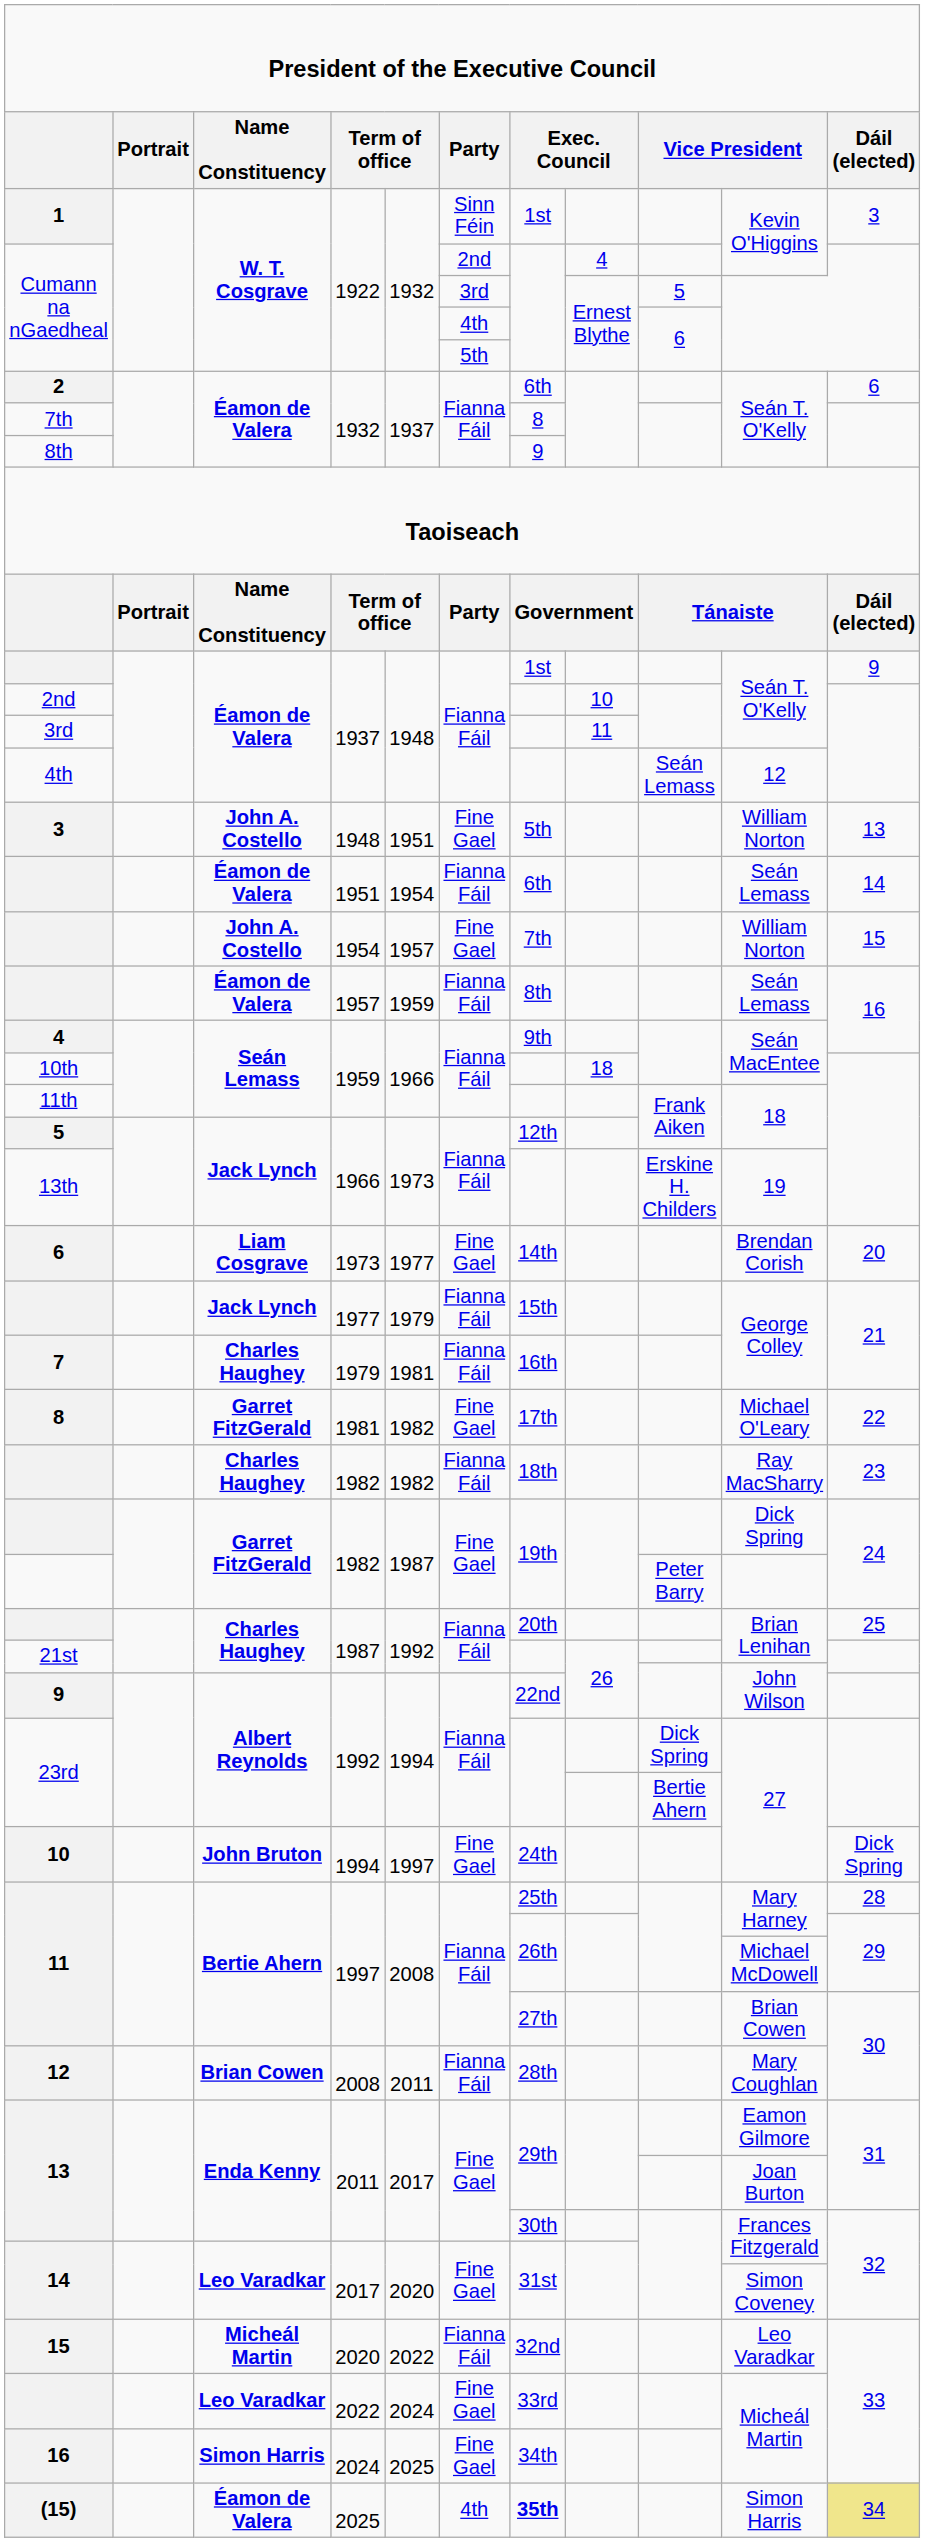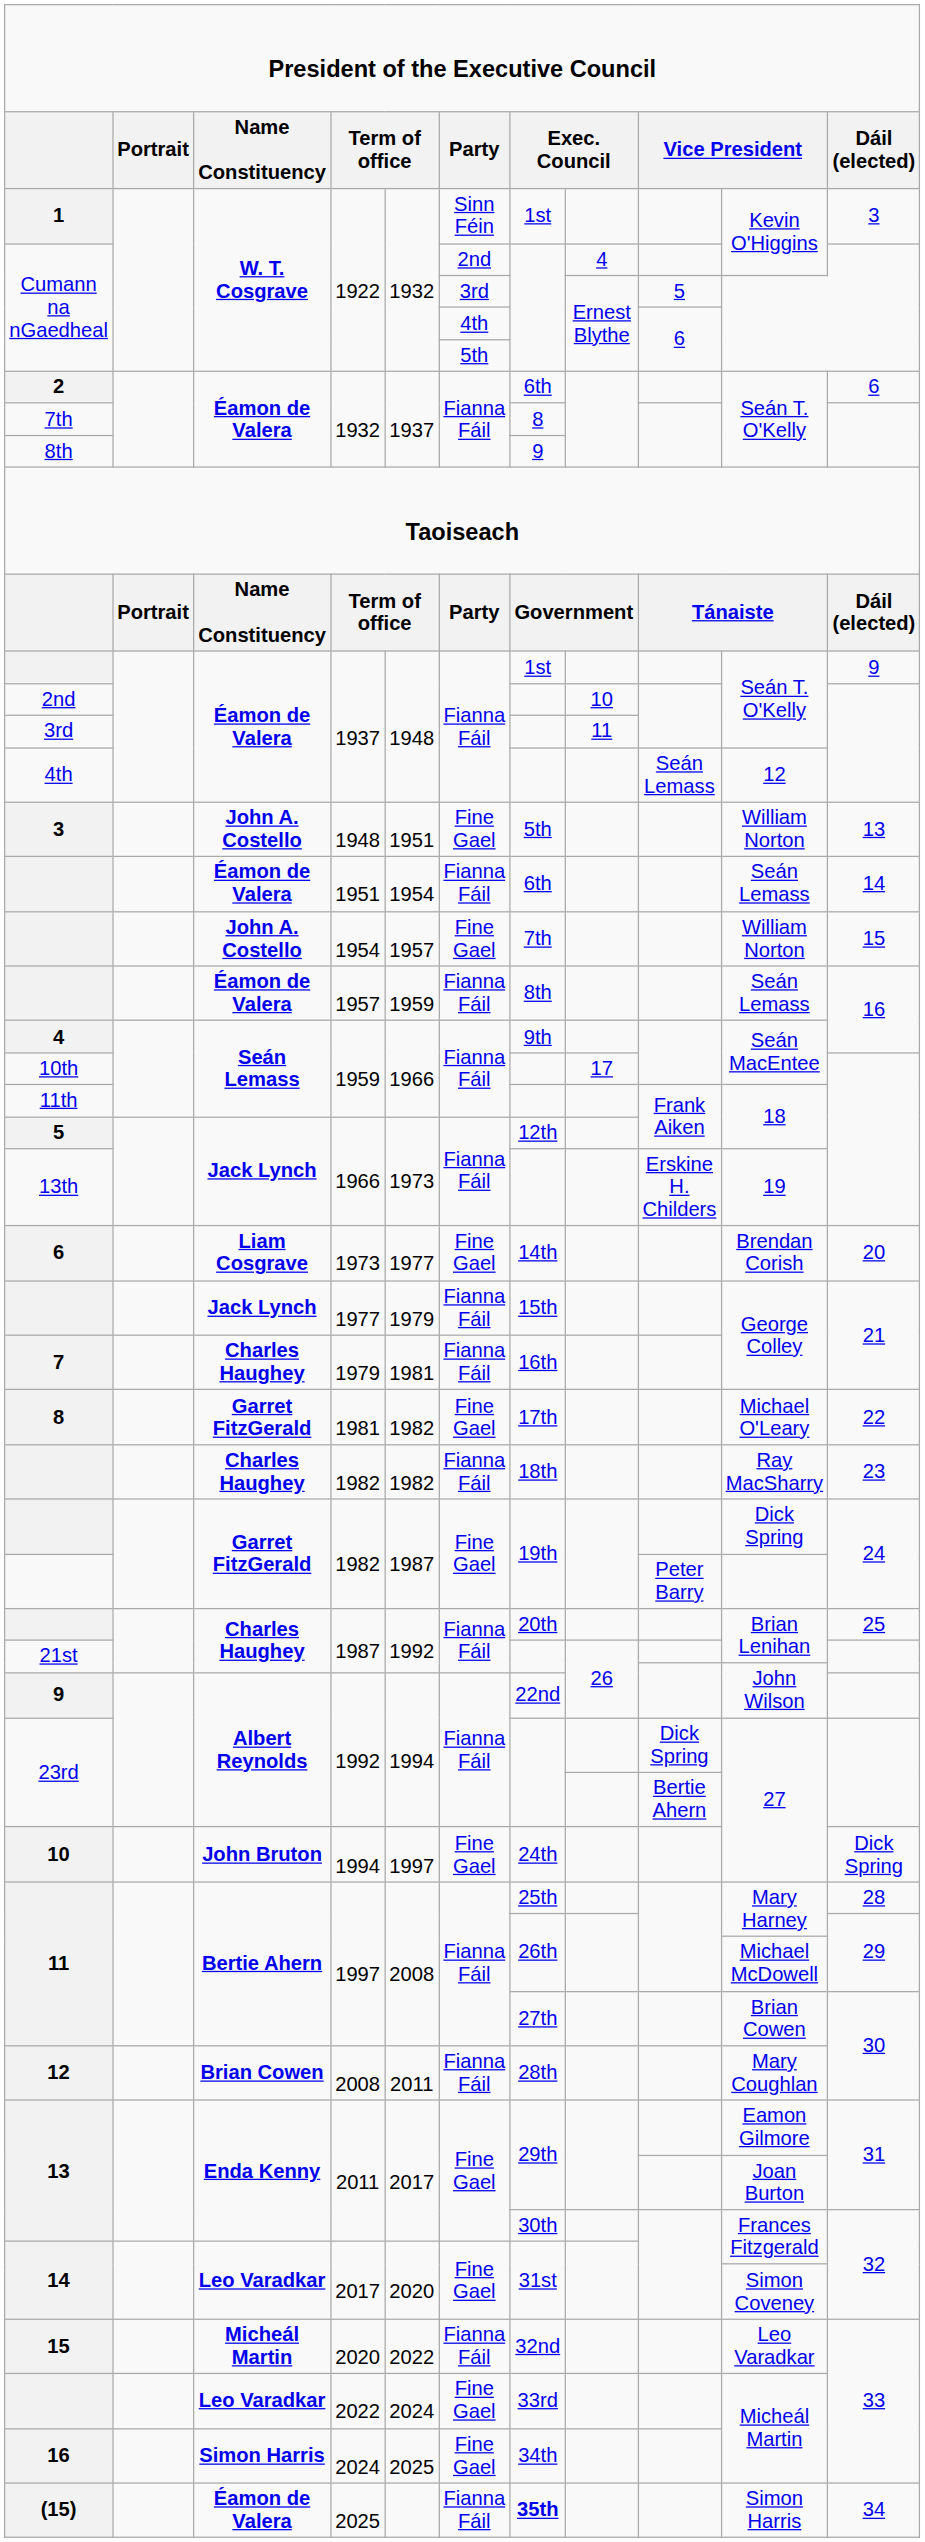 <table class="wikitable" style="text-align:center">
 <tr>
 <td colspan=11><br><h3>President of the Executive Council</h3></td>
 </tr>
 <tr>
 <th></th>
 <th>Portrait</th>
 <th width=20%>Name<br><br>Constituency</th>
 <th colspan=2 width=15%>Term of office</th>
 <th>Party</th>
 <th colspan=2 width=20%>Exec. Council<br></th>
 <th colspan=2 width=15%><a href='#'>Vice President</a></th>
 <th>Dáil<br>(elected)</th>
 </tr>
 <tr>
 <th style="background:">1</th>
 <td rowspan=5></td>
 <td rowspan=5><strong><a href='#'>W. T. Cosgrave</a></strong><br></td>
 <td rowspan=5><br>1922</td>
 <td rowspan=5><br>1932</td>
 <td><a href='#'>Sinn Féin<br></a></td>
 <td><a href='#'>1st</a></td>
 <td></td>
 <td style="background-color: "></td>
 <td rowspan=2><a href='#'>Kevin O'Higgins</a></td>
 <td><a href='#'>3</a> </td>
 </tr>
 <tr>
 <td rowspan=4><a href='#'>Cumann na nGaedheal</a></td>
 <td><a href='#'>2nd</a></td>
 <td rowspan=4></td>
 <td><a href='#'>4</a> </td>
 </tr>
 <tr>
 <td><a href='#'>3rd</a></td>
 <td rowspan=3><a href='#'>Ernest Blythe</a></td>
 <td><a href='#'>5</a> </td>
 </tr>
 <tr>
 <td><a href='#'>4th</a></td>
 <td rowspan=2><a href='#'>6</a> </td>
 </tr>
 <tr>
 <td><a href='#'>5th</a></td>
 </tr>
 <tr>
 <th style="background:">2</th>
 <td rowspan=3></td>
 <td rowspan=3><strong><a href='#'>Éamon de Valera</a></strong><br></td>
 <td rowspan=3><br>1932</td>
 <td rowspan=3><br>1937</td>
 <td rowspan=3><a href='#'>Fianna Fáil</a></td>
 <td><a href='#'>6th</a></td>
 <td rowspan=3></td>
 <td style="background-color: "></td>
 <td rowspan=3><a href='#'>Seán T. O'Kelly</a></td>
 <td><a href='#'>6</a> </td>
 </tr>
 <tr>
 <td><a href='#'>7th</a></td>
 <td><a href='#'>8</a> </td>
 </tr>
 <tr>
 <td><a href='#'>8th</a></td>
 <td><a href='#'>9</a> </td>
 </tr>
 <tr>
 <td colspan=11><br><h3>Taoiseach</h3></td>
 </tr>
 <tr>
 <th></th>
 <th>Portrait</th>
 <th width=20%>Name<br><br>Constituency</th>
 <th colspan=2 width=15%>Term of office</th>
 <th>Party</th>
 <th colspan=2 width=20%>Government<br></th>
 <th colspan=2 width=15%><a href='#'>Tánaiste</a></th>
 <th>Dáil<br>(elected)</th>
 </tr>
 <tr>
 <th style="background:"></th>
 <td rowspan=4></td>
 <td rowspan=4><strong><a href='#'>Éamon de Valera</a></strong><br></td>
 <td rowspan=4><br>1937</td>
 <td rowspan=4><br>1948</td>
 <td rowspan=4><a href='#'>Fianna Fáil</a></td>
 <td><a href='#'>1st</a></td>
 <td></td>
 <td style="background-color: "></td>
 <td rowspan=3><a href='#'>Seán T. O'Kelly</a></td>
 <td><a href='#'>9</a> </td>
 </tr>
 <tr>
 <td><a href='#'>2nd</a></td>
 <td></td>
 <td><a href='#'>10</a> </td>
 </tr>
 <tr>
 <td><a href='#'>3rd</a></td>
 <td></td>
 <td><a href='#'>11</a> </td>
 </tr>
 <tr>
 <td><a href='#'>4th</a></td>
 <td></td>
 <td style="background-color: "></td>
 <td><a href='#'>Seán Lemass</a></td>
 <td><a href='#'>12</a> </td>
 </tr>
 <tr>
 <th style="background:">3</th>
 <td></td>
 <td><strong><a href='#'>John A. Costello</a></strong><br></td>
 <td><br>1948</td>
 <td><br>1951</td>
 <td><a href='#'>Fine Gael</a></td>
 <td><a href='#'>5th</a></td>
 <td></td>
 <td style="background-color: "></td>
 <td><a href='#'>William Norton</a></td>
 <td><a href='#'>13</a> </td>
 </tr>
 <tr>
 <th style="background:"></th>
 <td></td>
 <td><strong><a href='#'>Éamon de Valera</a></strong><br></td>
 <td><br>1951</td>
 <td><br>1954</td>
 <td><a href='#'>Fianna Fáil</a></td>
 <td><a href='#'>6th</a></td>
 <td></td>
 <td style="background-color: "></td>
 <td><a href='#'>Seán Lemass</a></td>
 <td><a href='#'>14</a> </td>
 </tr>
 <tr>
 <th style="background:"></th>
 <td></td>
 <td><strong><a href='#'>John A. Costello</a></strong><br></td>
 <td><br>1954</td>
 <td><br>1957</td>
 <td><a href='#'>Fine Gael</a></td>
 <td><a href='#'>7th</a></td>
 <td></td>
 <td style="background-color: "></td>
 <td><a href='#'>William Norton</a></td>
 <td><a href='#'>15</a> </td>
 </tr>
 <tr>
 <th style="background:"></th>
 <td></td>
 <td><strong><a href='#'>Éamon de Valera</a></strong><br></td>
 <td><br>1957</td>
 <td><br>1959</td>
 <td><a href='#'>Fianna Fáil</a></td>
 <td><a href='#'>8th</a></td>
 <td></td>
 <td style="background-color: "></td>
 <td><a href='#'>Seán Lemass</a></td>
 <td rowspan=2><a href='#'>16</a> </td>
 </tr>
 <tr>
 <th style="background:">4</th>
 <td rowspan=3></td>
 <td rowspan=3><strong><a href='#'>Seán Lemass</a></strong><br></td>
 <td rowspan=3><br>1959</td>
 <td rowspan=3><br>1966</td>
 <td rowspan=3><a href='#'>Fianna Fáil</a></td>
 <td><a href='#'>9th</a></td>
 <td></td>
 <td rowspan=2 style="background-color: "></td>
 <td rowspan=2><a href='#'>Seán MacEntee</a></td>
 </tr>
 <tr>
 <td><a href='#'>10th</a></td>
 <td></td>
-<td><a href='#'>18</a> </td>
+<td><a href='#'>17</a> </td>
 </tr>
 <tr>
 <td><a href='#'>11th</a></td>
 <td></td>
 <td style="background-color: "></td>
 <td rowspan=2><a href='#'>Frank Aiken</a></td>
 <td rowspan=2><a href='#'>18</a> </td>
 </tr>
 <tr>
 <th style="background:">5</th>
 <td rowspan=2></td>
 <td rowspan=2><strong><a href='#'>Jack Lynch</a></strong><br></td>
 <td rowspan=2><br>1966</td>
 <td rowspan=2><br>1973</td>
 <td rowspan=2><a href='#'>Fianna Fáil</a></td>
 <td><a href='#'>12th</a></td>
 <td></td>
 </tr>
 <tr>
 <td><a href='#'>13th</a></td>
 <td></td>
 <td style="background-color: "></td>
 <td><a href='#'>Erskine H. Childers</a></td>
 <td><a href='#'>19</a> </td>
 </tr>
 <tr>
 <th style="background:">6</th>
 <td></td>
 <td><strong><a href='#'>Liam Cosgrave</a></strong><br></td>
 <td><br>1973</td>
 <td><br>1977</td>
 <td><a href='#'>Fine Gael</a></td>
 <td><a href='#'>14th</a></td>
 <td></td>
 <td style="background-color: "></td>
 <td><a href='#'>Brendan Corish</a></td>
 <td><a href='#'>20</a> </td>
 </tr>
 <tr>
 <th style="background:"></th>
 <td></td>
 <td><strong><a href='#'>Jack Lynch</a></strong><br></td>
 <td><br>1977</td>
 <td><br>1979</td>
 <td><a href='#'>Fianna Fáil</a></td>
 <td><a href='#'>15th</a></td>
 <td></td>
 <td style="background-color: "></td>
 <td rowspan=2><a href='#'>George Colley</a></td>
 <td rowspan=2><a href='#'>21</a> </td>
 </tr>
 <tr>
 <th style="background:">7</th>
 <td></td>
 <td><strong><a href='#'>Charles Haughey</a></strong><br></td>
 <td><br>1979</td>
 <td><br>1981</td>
 <td><a href='#'>Fianna Fáil</a></td>
 <td><a href='#'>16th</a></td>
 <td></td>
 </tr>
 <tr>
 <th style="background:">8</th>
 <td></td>
 <td><strong><a href='#'>Garret FitzGerald</a></strong><br></td>
 <td><br>1981</td>
 <td><br>1982</td>
 <td><a href='#'>Fine Gael</a></td>
 <td><a href='#'>17th</a></td>
 <td></td>
 <td style="background-color: "></td>
 <td><a href='#'>Michael O'Leary</a></td>
 <td><a href='#'>22</a> </td>
 </tr>
 <tr>
 <th style="background:"></th>
 <td></td>
 <td><strong><a href='#'>Charles Haughey</a></strong><br></td>
 <td><br>1982</td>
 <td><br>1982</td>
 <td><a href='#'>Fianna Fáil</a></td>
 <td><a href='#'>18th</a></td>
 <td></td>
 <td style="background-color: "></td>
 <td><a href='#'>Ray MacSharry</a></td>
 <td><a href='#'>23</a> </td>
 </tr>
 <tr>
 <th style="background:"></th>
 <td rowspan=2></td>
 <td rowspan=2><strong><a href='#'>Garret FitzGerald</a></strong><br></td>
 <td rowspan=2><br>1982</td>
 <td rowspan=2><br>1987</td>
 <td rowspan=2><a href='#'>Fine Gael</a></td>
 <td rowspan=2><a href='#'>19th</a></td>
 <td rowspan=2></td>
 <td style="background-color: "></td>
 <td><a href='#'>Dick Spring</a></td>
 <td rowspan=2><a href='#'>24</a> </td>
 </tr>
 <tr>
 <td style="background-color: "></td>
 <td><a href='#'>Peter Barry</a></td>
 </tr>
 <tr>
 <th style="background:"></th>
 <td rowspan=3></td>
 <td rowspan=3><strong><a href='#'>Charles Haughey</a></strong><br></td>
 <td rowspan=3><br>1987</td>
 <td rowspan=3><br>1992</td>
 <td rowspan=3><a href='#'>Fianna Fáil</a></td>
 <td><a href='#'>20th</a></td>
 <td></td>
 <td style="background-color: "></td>
 <td rowspan=2><a href='#'>Brian Lenihan</a></td>
 <td><a href='#'>25</a> </td>
 </tr>
 <tr>
 <td rowspan=2><a href='#'>21st</a></td>
 <td rowspan=2></td>
 <td rowspan=3><a href='#'>26</a> </td>
 </tr>
 <tr>
 <td rowspan=2 style="background-color: "></td>
 <td rowspan=2><a href='#'>John Wilson</a></td>
 </tr>
 <tr>
 <th style="background:">9</th>
 <td rowspan=3></td>
 <td rowspan=3><strong><a href='#'>Albert Reynolds</a></strong><br></td>
 <td rowspan=3><br>1992</td>
 <td rowspan=3><br>1994</td>
 <td rowspan=3><a href='#'>Fianna Fáil</a></td>
 <td><a href='#'>22nd</a></td>
 <td></td>
 </tr>
 <tr>
 <td rowspan=2><a href='#'>23rd</a></td>
 <td rowspan=2></td>
 <td style="background-color: "></td>
 <td><a href='#'>Dick Spring</a></td>
 <td rowspan=3><a href='#'>27</a> </td>
 </tr>
 <tr>
 <td style="background-color: "></td>
 <td><a href='#'>Bertie Ahern</a></td>
 </tr>
 <tr>
 <th style="background:">10</th>
 <td></td>
 <td><strong><a href='#'>John Bruton</a></strong><br></td>
 <td><br>1994</td>
 <td><br>1997</td>
 <td><a href='#'>Fine Gael</a></td>
 <td><a href='#'>24th</a></td>
 <td></td>
 <td style="background-color: "></td>
 <td><a href='#'>Dick Spring</a></td>
 </tr>
 <tr>
 <th rowspan=4 style="background:">11</th>
 <td rowspan=4></td>
 <td rowspan=4><strong><a href='#'>Bertie Ahern</a></strong><br></td>
 <td rowspan=4><br>1997</td>
 <td rowspan=4><br>2008</td>
 <td rowspan=4><a href='#'>Fianna Fáil</a></td>
 <td><a href='#'>25th</a></td>
 <td></td>
 <td rowspan=3 style="background-color: "></td>
 <td rowspan=2><a href='#'>Mary Harney</a></td>
 <td><a href='#'>28</a> </td>
 </tr>
 <tr>
 <td rowspan=2><a href='#'>26th</a></td>
 <td rowspan=2></td>
 <td rowspan=2><a href='#'>29</a> </td>
 </tr>
 <tr>
 <td><a href='#'>Michael McDowell</a></td>
 </tr>
 <tr>
 <td><a href='#'>27th</a></td>
 <td></td>
 <td style="background-color: "></td>
 <td><a href='#'>Brian Cowen</a></td>
 <td rowspan=2><a href='#'>30</a> </td>
 </tr>
 <tr>
 <th style="background:">12</th>
 <td></td>
 <td><strong><a href='#'>Brian Cowen</a></strong><br></td>
 <td><br>2008</td>
 <td><br>2011</td>
 <td><a href='#'>Fianna Fáil</a></td>
 <td><a href='#'>28th</a></td>
 <td></td>
 <td style="background-color: "></td>
 <td><a href='#'>Mary Coughlan</a></td>
 </tr>
 <tr>
 <th rowspan=3 style="background:">13</th>
 <td rowspan=3></td>
 <td rowspan=3><strong><a href='#'>Enda Kenny</a></strong><br></td>
 <td rowspan=3><br>2011</td>
 <td rowspan=3><br>2017</td>
 <td rowspan=3><a href='#'>Fine Gael</a></td>
 <td rowspan=2><a href='#'>29th</a></td>
 <td rowspan=2></td>
 <td style="background-color: "></td>
 <td><a href='#'>Eamon Gilmore</a></td>
 <td rowspan=2><a href='#'>31</a> </td>
 </tr>
 <tr>
 <td style="background-color: "></td>
 <td><a href='#'>Joan Burton</a></td>
 </tr>
 <tr>
 <td><a href='#'>30th</a></td>
 <td></td>
 <td rowspan="3" style="background-color: "></td>
 <td rowspan=2><a href='#'>Frances Fitzgerald</a></td>
 <td rowspan=3><a href='#'>32</a> </td>
 </tr>
 <tr>
 <th rowspan="2" style="background:">14</th>
 <td rowspan="2"></td>
 <td rowspan="2"><strong><a href='#'>Leo Varadkar</a></strong><br></td>
 <td rowspan="2"><br>2017</td>
 <td rowspan="2"><br>2020</td>
 <td rowspan="2"><a href='#'>Fine Gael</a></td>
 <td rowspan="2"><a href='#'>31st</a></td>
 <td rowspan="2"></td>
 </tr>
 <tr>
 <td><a href='#'>Simon Coveney</a></td>
 </tr>
 <tr>
 <th style="background:">15</th>
 <td></td>
 <td><strong><a href='#'>Micheál Martin</a></strong><br></td>
 <td><br>2020</td>
 <td><br>2022</td>
 <td><a href='#'>Fianna Fáil</a></td>
 <td><a href='#'>32nd</a></td>
 <td></td>
 <td style="background-color: "></td>
 <td><a href='#'>Leo Varadkar</a></td>
 <td rowspan="3"><a href='#'>33</a> </td>
 </tr>
 <tr>
 <th rowspan="1" style="background:"></th>
 <td rowspan="1"></td>
 <td rowspan="1"><strong><a href='#'>Leo Varadkar</a></strong><br></td>
 <td rowspan="1"><br>2022</td>
 <td rowspan="1"><br>2024</td>
 <td rowspan="1"><a href='#'>Fine Gael</a></td>
 <td rowspan="1"><a href='#'>33rd</a></td>
 <td></td>
 <td style="background-color: "></td>
 <td rowspan="2"><a href='#'>Micheál Martin</a></td>
 </tr>
 <tr>
 <th rowspan="1" style="background:">16</th>
 <td rowspan="1"></td>
 <td rowspan="1"><strong><a href='#'>Simon Harris</a></strong><br></td>
 <td rowspan="1"><br>2024</td>
 <td rowspan="1"><br>2025</td>
 <td rowspan="1"><a href='#'>Fine Gael</a></td>
 <td rowspan="1"><a href='#'>34th</a></td>
 <td></td>
 <td style="background-color: "></td>
 </tr>
 <tr>
 <th style="background:">(15)</th>
 <td></td>
 <td><strong><a href='#'>Éamon de Valera</a></strong><br></td>
 <td><br>2025</td>
 <td></td>
-<td><a href='#'>4th</a></td>
+<td><a href='#'>Fianna Fáil</a></td>
 <td><strong><a href='#'>35th</a></strong></td>
 <td></td>
 <td style="background-color: "></td>
 <td><a href='#'>Simon Harris</a></td>
-<td style="background: khaki;"><a href='#'>34</a> </td>
+<td><a href='#'>34</a> </td>
 </tr>
 </table>
